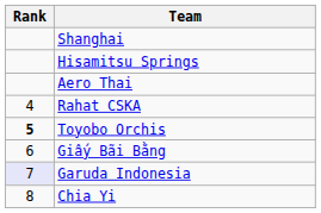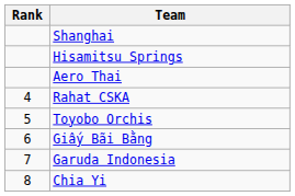 <table class="wikitable" style="text-align: center;">
 <tr>
 <th width=40>Rank</th>
 <th width=240>Team</th>
 </tr>
 <tr>
 <td></td>
 <td align="left"> <a href='#'>Shanghai</a></td>
 </tr>
 <tr>
 <td></td>
 <td align="left"> <a href='#'>Hisamitsu Springs</a></td>
 </tr>
 <tr>
 <td></td>
 <td align="left"> <a href='#'>Aero Thai</a></td>
 </tr>
 <tr>
 <td>4</td>
 <td align="left"> <a href='#'>Rahat CSKA</a></td>
 </tr>
 <tr>
-<td><strong>5</strong></td>
+<td>5</td>
 <td align="left"> <a href='#'>Toyobo Orchis</a></td>
 </tr>
 <tr>
 <td>6</td>
 <td align="left"> <a href='#'>Giấy Bãi Bằng</a></td>
 </tr>
 <tr>
-<td style="background: lavender;">7</td>
+<td>7</td>
 <td align="left"> <a href='#'>Garuda Indonesia</a></td>
 </tr>
 <tr>
 <td>8</td>
 <td align="left"> <a href='#'>Chia Yi</a></td>
 </tr>
 </table>
